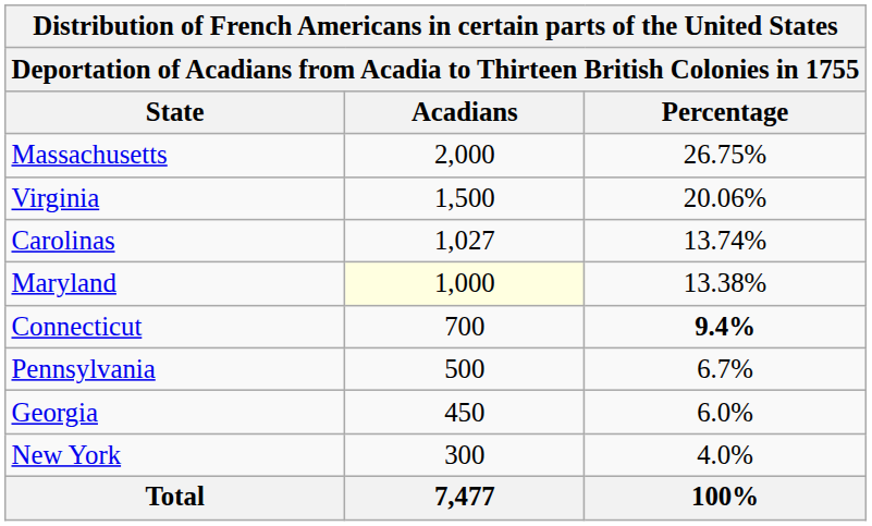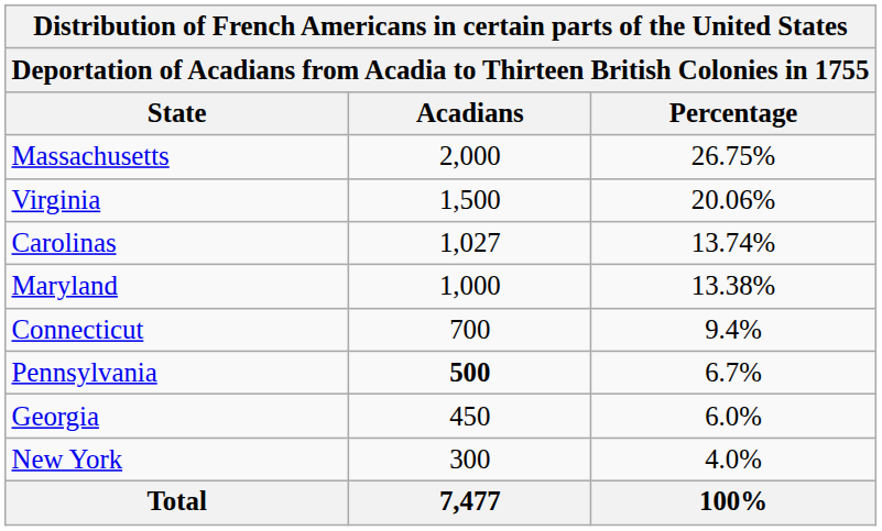 <table class=wikitable>
 <tr>
 <th colspan = 6>Distribution of French Americans in certain parts of the United States</th>
 </tr>
 <tr>
 <th colspan = 6>Deportation of Acadians from Acadia to Thirteen British Colonies in 1755</th>
 </tr>
 <tr>
 <th>State</th>
 <th>Acadians</th>
 <th>Percentage</th>
 </tr>
 <tr>
 <td><a href='#'>Massachusetts</a></td>
 <td style="text-align:center;">2,000</td>
 <td style="text-align:center;">26.75%</td>
 </tr>
 <tr>
 <td><a href='#'>Virginia</a></td>
 <td style="text-align:center;">1,500</td>
 <td style="text-align:center;">20.06%</td>
 </tr>
 <tr>
 <td><a href='#'>Carolinas</a></td>
 <td style="text-align:center;">1,027</td>
 <td style="text-align:center;">13.74%</td>
 </tr>
 <tr>
 <td><a href='#'>Maryland</a></td>
-<td style="background: lightyellow; text-align:center;">1,000</td>
+<td style="text-align:center;">1,000</td>
 <td style="text-align:center;">13.38%</td>
 </tr>
 <tr>
 <td><a href='#'>Connecticut</a></td>
 <td style="text-align:center;">700</td>
-<td style="text-align:center;"><strong>9.4%</strong></td>
+<td style="text-align:center;">9.4%</td>
 </tr>
 <tr>
 <td><a href='#'>Pennsylvania</a></td>
-<td style="text-align:center;">500</td>
+<td style="text-align:center;"><strong>500</strong></td>
 <td style="text-align:center;">6.7%</td>
 </tr>
 <tr>
 <td><a href='#'>Georgia</a></td>
 <td style="text-align:center;">450</td>
 <td style="text-align:center;">6.0%</td>
 </tr>
 <tr>
 <td><a href='#'>New York</a></td>
 <td style="text-align:center;">300</td>
 <td style="text-align:center;">4.0%</td>
 </tr>
 <tr>
 <th>Total</th>
 <th style="text-align:center;">7,477</th>
 <th style="text-align:center;">100%</th>
 </tr>
 </table>
